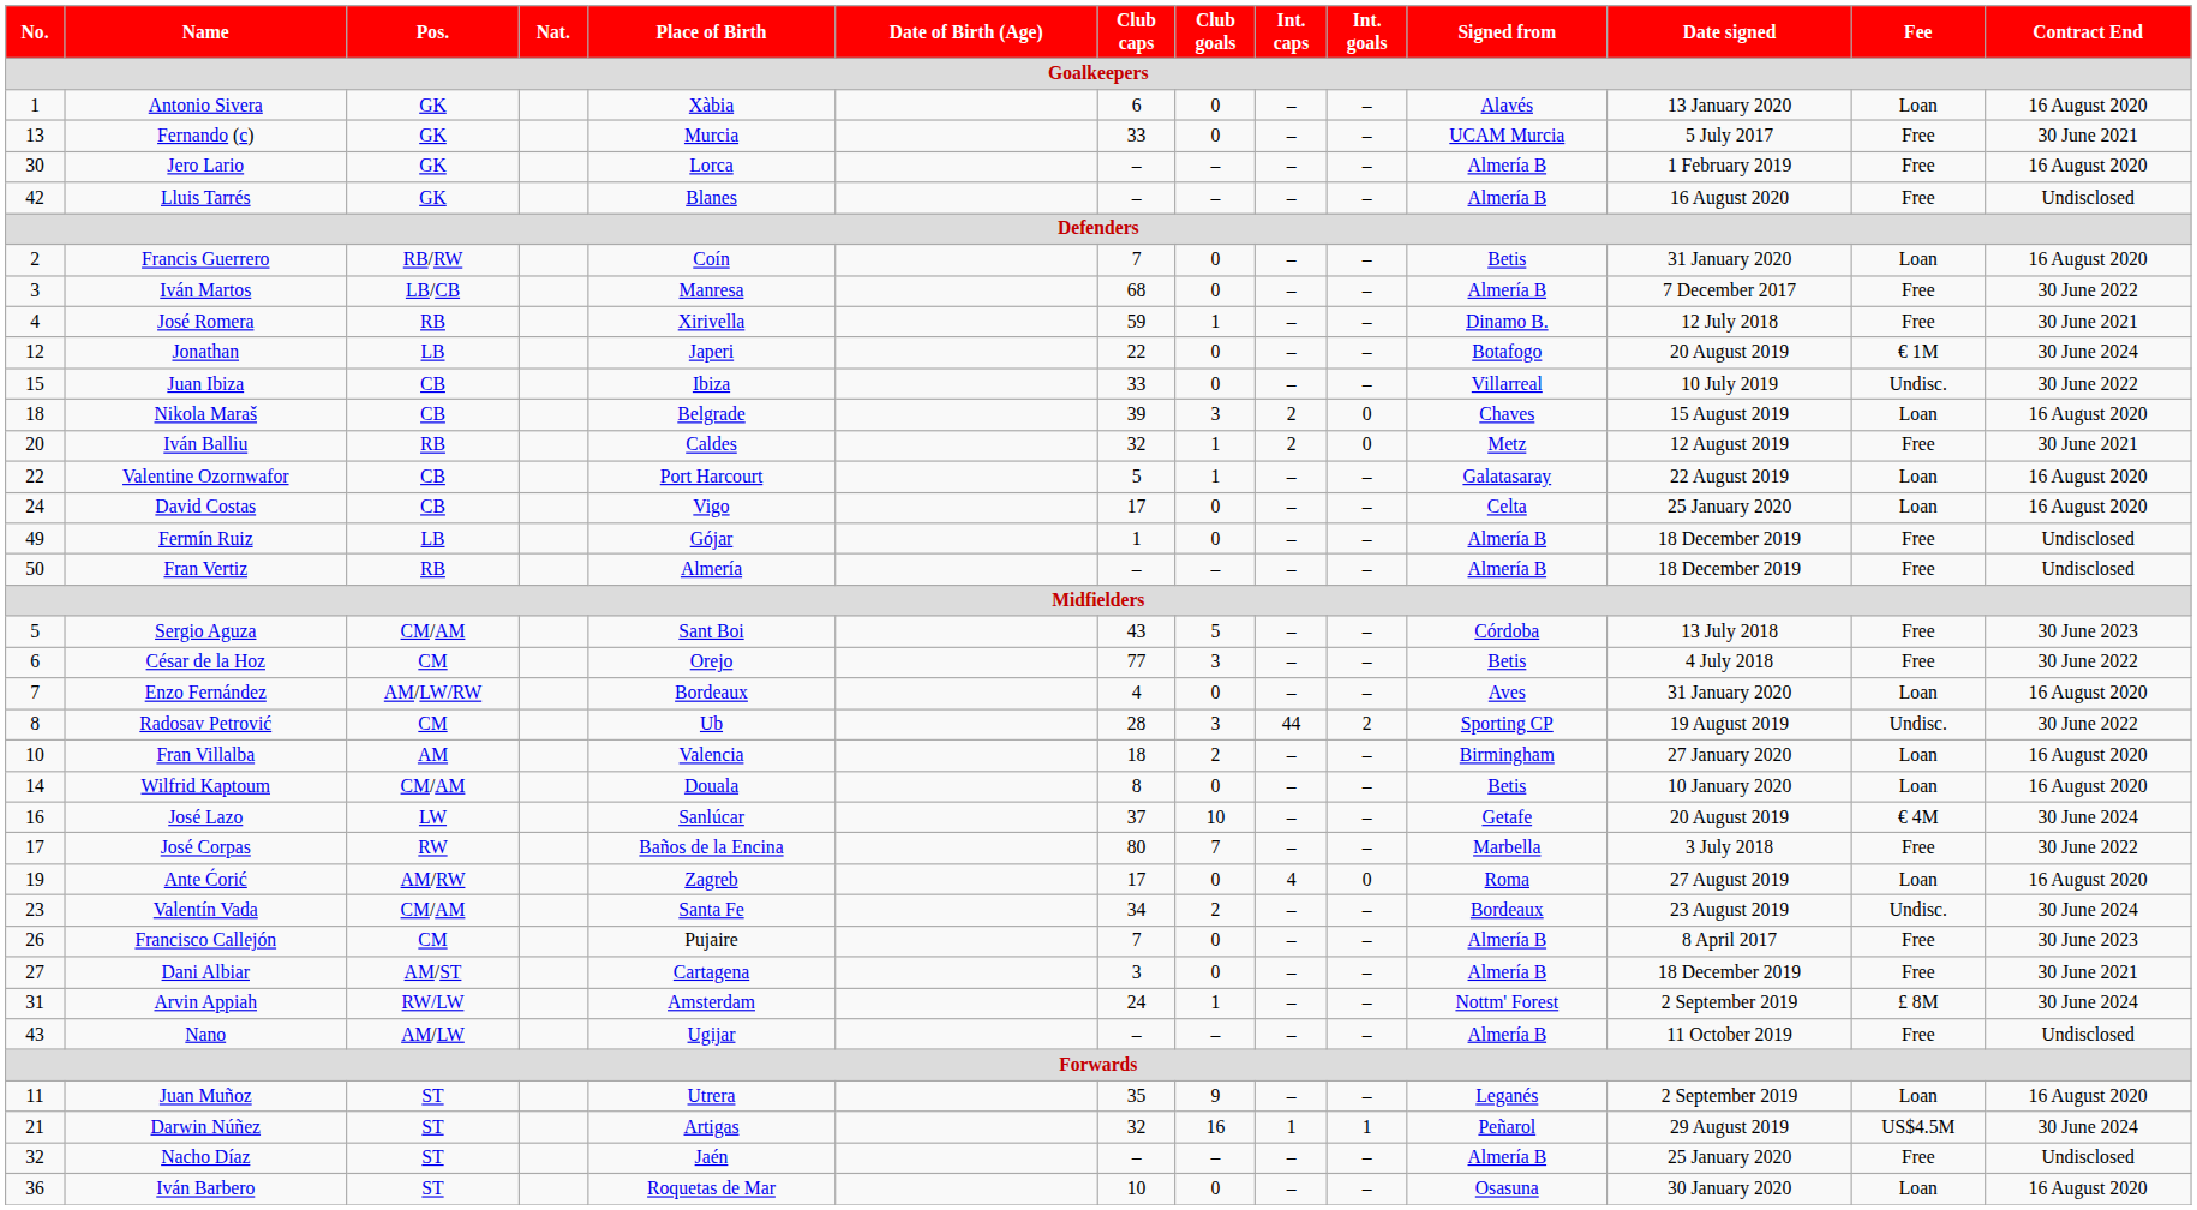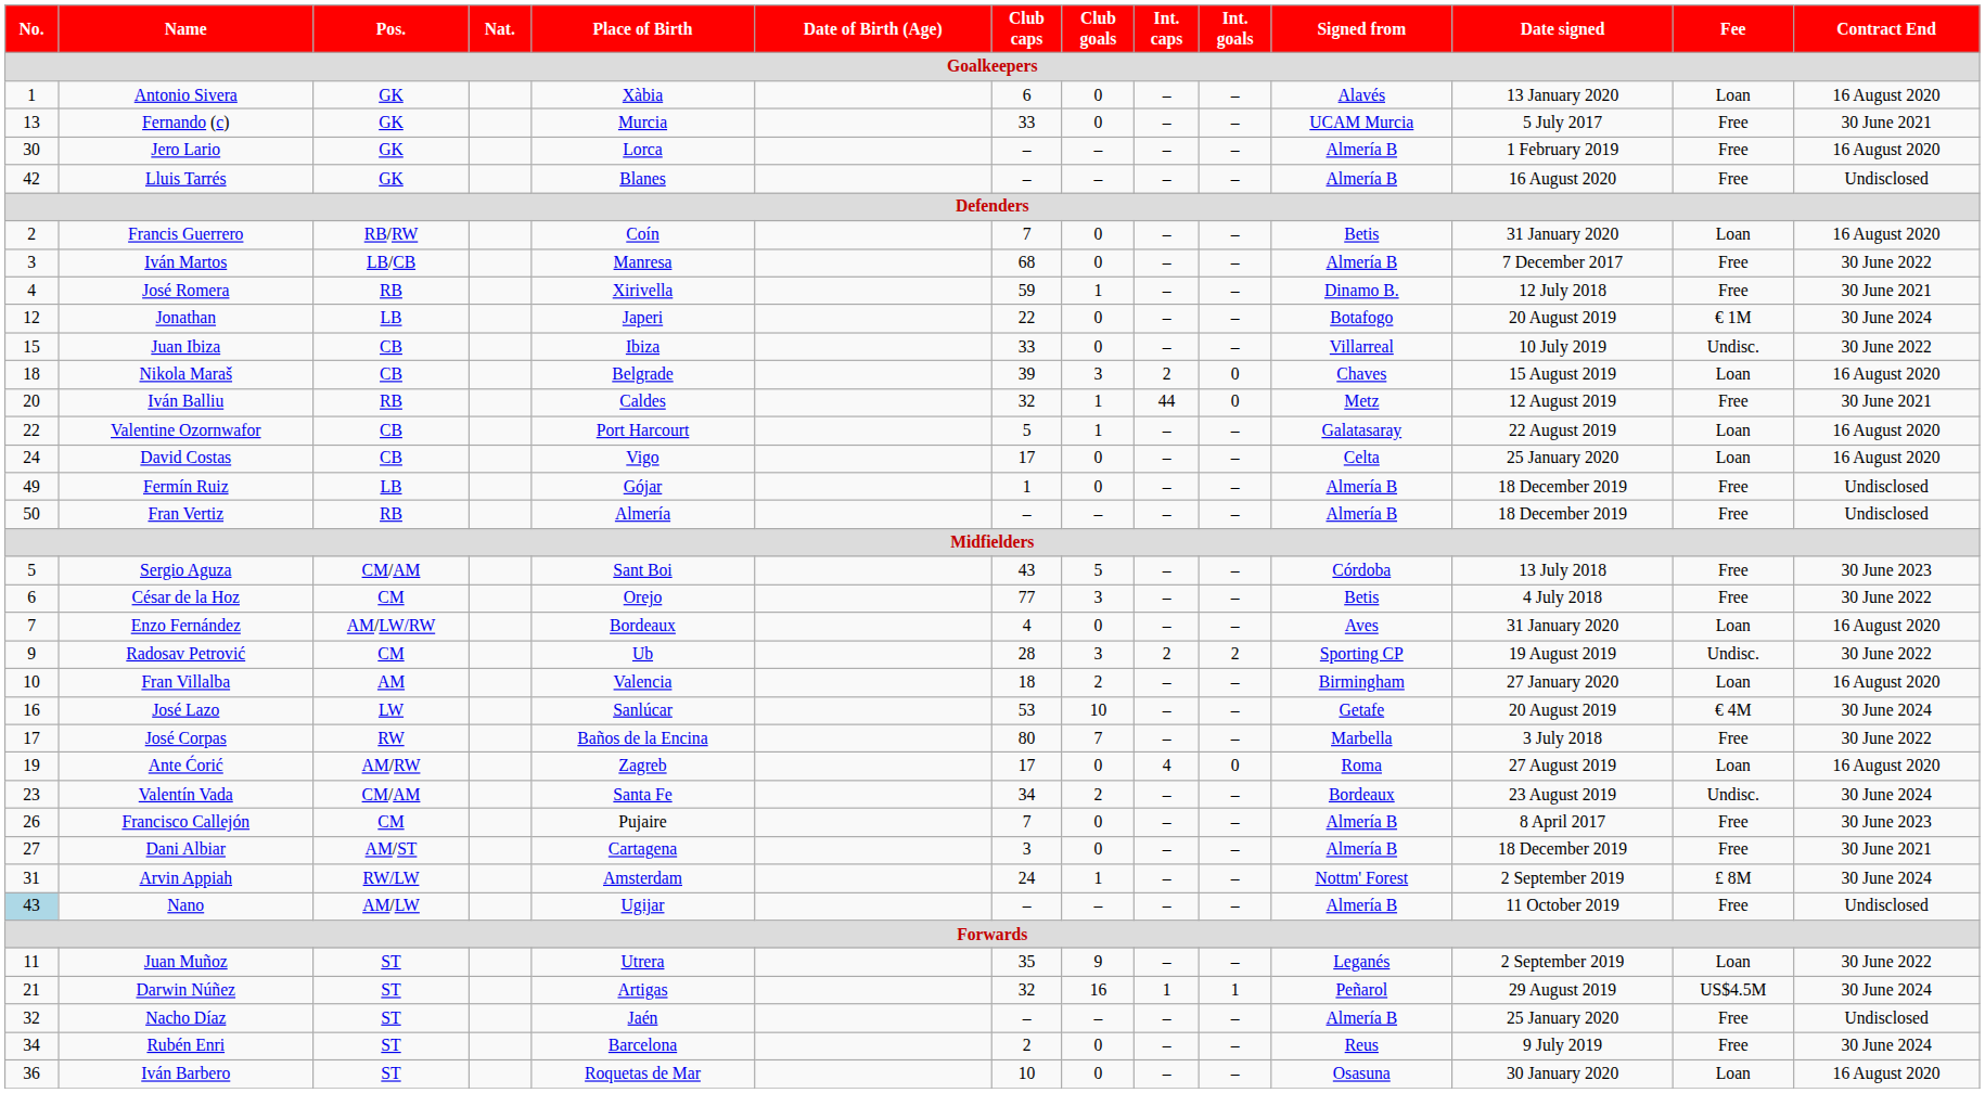 <table class="wikitable" style="text-align:center; font-size:85%; width:100%;">
 <tr>
 <th style="background:#f00; color:#fff; text-align:center;">No.</th>
 <th style="background:#f00; color:#fff; text-align:center;">Name</th>
 <th style="background:#f00; color:#fff; text-align:center;">Pos.</th>
 <th style="background:#f00; color:#fff; text-align:center;">Nat.</th>
 <th style="background:#f00; color:#fff; text-align:center;">Place of Birth</th>
 <th style="background:#f00; color:#fff; text-align:center;">Date of Birth (Age)</th>
 <th style="background:#f00; color:#fff; text-align:center;">Club<br>caps</th>
 <th style="background:#f00; color:#fff; text-align:center;">Club<br>goals</th>
 <th style="background:#f00; color:#fff; text-align:center;">Int.<br>caps</th>
 <th style="background:#f00; color:#fff; text-align:center;">Int.<br>goals</th>
 <th style="background:#f00; color:#fff; text-align:center;">Signed from</th>
 <th style="background:#f00; color:#fff; text-align:center;">Date signed</th>
 <th style="background:#f00; color:#fff; text-align:center;">Fee</th>
 <th style="background:#f00; color:#fff; text-align:center;">Contract End</th>
 </tr>
 <tr>
 <th colspan="14" style="background:#dcdcdc; color:#C40000; text-align:center;">Goalkeepers</th>
 </tr>
 <tr>
 <td>1</td>
 <td><a href='#'>Antonio Sivera</a></td>
 <td><a href='#'>GK</a></td>
 <td> </td>
 <td><a href='#'>Xàbia</a></td>
 <td></td>
 <td>6</td>
 <td>0</td>
 <td>–</td>
 <td>–</td>
 <td><a href='#'>Alavés</a></td>
 <td>13 January 2020</td>
 <td>Loan</td>
 <td>16 August 2020<br></td>
 </tr>
 <tr>
 <td>13</td>
 <td><a href='#'>Fernando</a> (<a href='#'>c</a>)</td>
 <td><a href='#'>GK</a></td>
 <td> </td>
 <td><a href='#'>Murcia</a></td>
 <td></td>
 <td>33</td>
 <td>0</td>
 <td>–</td>
 <td>–</td>
 <td><a href='#'>UCAM Murcia</a></td>
 <td>5 July 2017</td>
 <td>Free</td>
 <td>30 June 2021<br></td>
 </tr>
 <tr>
 <td>30</td>
 <td><a href='#'>Jero Lario</a></td>
 <td><a href='#'>GK</a></td>
 <td> </td>
 <td><a href='#'>Lorca</a></td>
 <td></td>
 <td>–</td>
 <td>–</td>
 <td>–</td>
 <td>–</td>
 <td><a href='#'>Almería B</a></td>
 <td>1 February 2019</td>
 <td>Free</td>
 <td>16 August 2020</td>
 </tr>
 <tr>
 <td>42</td>
 <td><a href='#'>Lluis Tarrés</a></td>
 <td><a href='#'>GK</a></td>
 <td> </td>
 <td><a href='#'>Blanes</a></td>
 <td></td>
 <td>–</td>
 <td>–</td>
 <td>–</td>
 <td>–</td>
 <td><a href='#'>Almería B</a></td>
 <td>16 August 2020</td>
 <td>Free</td>
 <td>Undisclosed</td>
 </tr>
 <tr>
 <th colspan="14" style="background:#dcdcdc; color:#C40000; text-align:center;">Defenders</th>
 </tr>
 <tr>
 <td>2</td>
 <td><a href='#'>Francis Guerrero</a></td>
 <td><a href='#'>RB</a>/<a href='#'>RW</a></td>
 <td> </td>
 <td><a href='#'>Coín</a></td>
 <td></td>
 <td>7</td>
 <td>0</td>
 <td>–</td>
 <td>–</td>
 <td><a href='#'>Betis</a></td>
 <td>31 January 2020</td>
 <td>Loan</td>
 <td>16 August 2020</td>
 </tr>
 <tr>
 <td>3</td>
 <td><a href='#'>Iván Martos</a></td>
 <td><a href='#'>LB</a>/<a href='#'>CB</a></td>
 <td> </td>
 <td><a href='#'>Manresa</a></td>
 <td></td>
 <td>68</td>
 <td>0</td>
 <td>–</td>
 <td>–</td>
 <td><a href='#'>Almería B</a></td>
 <td>7 December 2017</td>
 <td>Free</td>
 <td>30 June 2022</td>
 </tr>
 <tr>
 <td>4</td>
 <td><a href='#'>José Romera</a></td>
 <td><a href='#'>RB</a></td>
 <td> </td>
 <td><a href='#'>Xirivella</a></td>
 <td></td>
 <td>59</td>
 <td>1</td>
 <td>–</td>
 <td>–</td>
 <td><a href='#'>Dinamo B.</a> </td>
 <td>12 July 2018</td>
 <td>Free</td>
 <td>30 June 2021</td>
 </tr>
 <tr>
 <td>12</td>
 <td><a href='#'>Jonathan</a></td>
 <td><a href='#'>LB</a></td>
 <td></td>
 <td><a href='#'>Japeri</a> </td>
 <td></td>
 <td>22</td>
 <td>0</td>
 <td>–</td>
 <td>–</td>
 <td><a href='#'>Botafogo</a> </td>
 <td>20 August 2019</td>
 <td>€ 1M</td>
 <td>30 June 2024</td>
 </tr>
 <tr>
 <td>15</td>
 <td><a href='#'>Juan Ibiza</a></td>
 <td><a href='#'>CB</a></td>
 <td> </td>
 <td><a href='#'>Ibiza</a></td>
 <td></td>
 <td>33</td>
 <td>0</td>
 <td>–</td>
 <td>–</td>
 <td><a href='#'>Villarreal</a></td>
 <td>10 July 2019</td>
 <td>Undisc.</td>
 <td>30 June 2022</td>
 </tr>
 <tr>
 <td>18</td>
 <td><a href='#'>Nikola Maraš</a></td>
 <td><a href='#'>CB</a></td>
 <td></td>
 <td><a href='#'>Belgrade</a> </td>
 <td></td>
 <td>39</td>
 <td>3</td>
 <td>2</td>
 <td>0</td>
 <td><a href='#'>Chaves</a> </td>
 <td>15 August 2019</td>
 <td>Loan</td>
 <td>16 August 2020</td>
 </tr>
 <tr>
 <td>20</td>
 <td><a href='#'>Iván Balliu</a></td>
 <td><a href='#'>RB</a></td>
 <td></td>
 <td><a href='#'>Caldes</a> </td>
 <td></td>
 <td>32</td>
 <td>1</td>
-<td>2</td>
+<td>44</td>
 <td>0</td>
 <td><a href='#'>Metz</a> </td>
 <td>12 August 2019</td>
 <td>Free</td>
 <td>30 June 2021</td>
 </tr>
 <tr>
 <td>22</td>
 <td><a href='#'>Valentine Ozornwafor</a></td>
 <td><a href='#'>CB</a></td>
 <td></td>
 <td><a href='#'>Port Harcourt</a></td>
 <td></td>
 <td>5</td>
 <td>1</td>
 <td>–</td>
 <td>–</td>
 <td><a href='#'>Galatasaray</a> </td>
 <td>22 August 2019</td>
 <td>Loan</td>
 <td>16 August 2020</td>
 </tr>
 <tr>
 <td>24</td>
 <td><a href='#'>David Costas</a></td>
 <td><a href='#'>CB</a></td>
 <td> </td>
 <td><a href='#'>Vigo</a></td>
 <td></td>
 <td>17</td>
 <td>0</td>
 <td>–</td>
 <td>–</td>
 <td><a href='#'>Celta</a></td>
 <td>25 January 2020</td>
 <td>Loan</td>
 <td>16 August 2020</td>
 </tr>
 <tr>
 <td>49</td>
 <td><a href='#'>Fermín Ruiz</a></td>
 <td><a href='#'>LB</a></td>
 <td> </td>
 <td><a href='#'>Gójar</a></td>
 <td></td>
 <td>1</td>
 <td>0</td>
 <td>–</td>
 <td>–</td>
 <td><a href='#'>Almería B</a></td>
 <td>18 December 2019</td>
 <td>Free</td>
 <td>Undisclosed</td>
 </tr>
 <tr>
 <td>50</td>
 <td><a href='#'>Fran Vertiz</a></td>
 <td><a href='#'>RB</a></td>
 <td> </td>
 <td><a href='#'>Almería</a></td>
 <td></td>
 <td>–</td>
 <td>–</td>
 <td>–</td>
 <td>–</td>
 <td><a href='#'>Almería B</a></td>
 <td>18 December 2019</td>
 <td>Free</td>
 <td>Undisclosed</td>
 </tr>
 <tr>
 <th colspan="14" style="background:#dcdcdc; color:#C40000; text-align:center;">Midfielders</th>
 </tr>
 <tr>
 <td>5</td>
 <td><a href='#'>Sergio Aguza</a></td>
 <td><a href='#'>CM</a>/<a href='#'>AM</a></td>
 <td> </td>
 <td><a href='#'>Sant Boi</a></td>
 <td></td>
 <td>43</td>
 <td>5</td>
 <td>–</td>
 <td>–</td>
 <td><a href='#'>Córdoba</a></td>
 <td>13 July 2018</td>
 <td>Free</td>
 <td>30 June 2023</td>
 </tr>
 <tr>
 <td>6</td>
 <td><a href='#'>César de la Hoz</a></td>
 <td><a href='#'>CM</a></td>
 <td> </td>
 <td><a href='#'>Orejo</a></td>
 <td></td>
 <td>77</td>
 <td>3</td>
 <td>–</td>
 <td>–</td>
 <td><a href='#'>Betis</a></td>
 <td>4 July 2018</td>
 <td>Free</td>
 <td>30 June 2022</td>
 </tr>
 <tr>
 <td>7</td>
 <td><a href='#'>Enzo Fernández</a></td>
 <td><a href='#'>AM</a>/<a href='#'>LW/RW</a></td>
 <td></td>
 <td><a href='#'>Bordeaux</a></td>
 <td></td>
 <td>4</td>
 <td>0</td>
 <td>–</td>
 <td>–</td>
 <td><a href='#'>Aves</a></td>
 <td>31 January 2020</td>
 <td>Loan</td>
 <td>16 August 2020</td>
 </tr>
 <tr>
-<td>8</td>
+<td>9</td>
 <td><a href='#'>Radosav Petrović</a></td>
 <td><a href='#'>CM</a></td>
 <td></td>
 <td><a href='#'>Ub</a> </td>
 <td></td>
 <td>28</td>
 <td>3</td>
-<td>44</td>
+<td>2</td>
 <td>2</td>
 <td><a href='#'>Sporting CP</a> </td>
 <td>19 August 2019</td>
 <td>Undisc.</td>
 <td>30 June 2022</td>
 </tr>
 <tr>
 <td>10</td>
 <td><a href='#'>Fran Villalba</a></td>
 <td><a href='#'>AM</a></td>
 <td> </td>
 <td><a href='#'>Valencia</a></td>
 <td></td>
 <td>18</td>
 <td>2</td>
 <td>–</td>
 <td>–</td>
 <td><a href='#'>Birmingham</a> </td>
 <td>27 January 2020</td>
 <td>Loan</td>
 <td>16 August 2020<br> </td>
 </tr>
 <tr>
-<td>14</td>
-<td><a href='#'>Wilfrid Kaptoum</a></td>
-<td><a href='#'>CM</a>/<a href='#'>AM</a></td>
-<td></td>
-<td><a href='#'>Douala</a></td>
-<td></td>
-<td>8</td>
-<td>0</td>
-<td>–</td>
-<td>–</td>
-<td><a href='#'>Betis</a></td>
-<td>10 January 2020</td>
-<td>Loan</td>
-<td>16 August 2020</td>
-</tr>
-<tr>
 <td>16</td>
 <td><a href='#'>José Lazo</a></td>
 <td><a href='#'>LW</a></td>
 <td> </td>
 <td><a href='#'>Sanlúcar</a></td>
 <td></td>
-<td>37</td>
+<td>53</td>
 <td>10</td>
 <td>–</td>
 <td>–</td>
 <td><a href='#'>Getafe</a></td>
 <td>20 August 2019</td>
 <td>€ 4M</td>
 <td>30 June 2024</td>
 </tr>
 <tr>
 <td>17</td>
 <td><a href='#'>José Corpas</a></td>
 <td><a href='#'>RW</a></td>
 <td> </td>
 <td><a href='#'>Baños de la Encina</a></td>
 <td></td>
 <td>80</td>
 <td>7</td>
 <td>–</td>
 <td>–</td>
 <td><a href='#'>Marbella</a></td>
 <td>3 July 2018</td>
 <td>Free</td>
 <td>30 June 2022</td>
 </tr>
 <tr>
 <td>19</td>
 <td><a href='#'>Ante Ćorić</a></td>
 <td><a href='#'>AM</a>/<a href='#'>RW</a></td>
 <td></td>
 <td><a href='#'>Zagreb</a></td>
 <td></td>
 <td>17</td>
 <td>0</td>
 <td>4</td>
 <td>0</td>
 <td><a href='#'>Roma</a> </td>
 <td>27 August 2019</td>
 <td>Loan</td>
 <td>16 August 2020</td>
 </tr>
 <tr>
 <td>23</td>
 <td><a href='#'>Valentín Vada</a></td>
 <td><a href='#'>CM</a>/<a href='#'>AM</a></td>
 <td></td>
 <td><a href='#'>Santa Fe</a></td>
 <td></td>
 <td>34</td>
 <td>2</td>
 <td>–</td>
 <td>–</td>
 <td><a href='#'>Bordeaux</a> </td>
 <td>23 August 2019</td>
 <td>Undisc.</td>
 <td>30 June 2024</td>
 </tr>
 <tr>
 <td>26</td>
 <td><a href='#'>Francisco Callejón</a></td>
 <td><a href='#'>CM</a></td>
 <td> </td>
 <td>Pujaire</td>
 <td></td>
 <td>7</td>
 <td>0</td>
 <td>–</td>
 <td>–</td>
 <td><a href='#'>Almería B</a></td>
 <td>8 April 2017</td>
 <td>Free</td>
 <td>30 June 2023</td>
 </tr>
 <tr>
 <td>27</td>
 <td><a href='#'>Dani Albiar</a></td>
 <td><a href='#'>AM</a>/<a href='#'>ST</a></td>
 <td> </td>
 <td><a href='#'>Cartagena</a></td>
 <td></td>
 <td>3</td>
 <td>0</td>
 <td>–</td>
 <td>–</td>
 <td><a href='#'>Almería B</a></td>
 <td>18 December 2019</td>
 <td>Free</td>
 <td>30 June 2021</td>
 </tr>
 <tr>
 <td>31</td>
 <td><a href='#'>Arvin Appiah</a></td>
 <td><a href='#'>RW/LW</a></td>
 <td></td>
 <td><a href='#'>Amsterdam</a> </td>
 <td></td>
 <td>24</td>
 <td>1</td>
 <td>–</td>
 <td>–</td>
 <td><a href='#'>Nottm' Forest</a> </td>
 <td>2 September 2019</td>
 <td>£ 8M</td>
 <td>30 June 2024</td>
 </tr>
 <tr>
-<td>43</td>
+<td style="background: lightblue;">43</td>
 <td><a href='#'>Nano</a></td>
 <td><a href='#'>AM</a>/<a href='#'>LW</a></td>
 <td> </td>
 <td><a href='#'>Ugijar</a></td>
 <td></td>
 <td>–</td>
 <td>–</td>
 <td>–</td>
 <td>–</td>
 <td><a href='#'>Almería B</a></td>
 <td>11 October 2019</td>
 <td>Free</td>
 <td>Undisclosed</td>
 </tr>
 <tr>
 <th colspan="14" style="background:#dcdcdc; color:#C40000; text-align=center;">Forwards</th>
 </tr>
 <tr>
 <td>11</td>
 <td><a href='#'>Juan Muñoz</a></td>
 <td><a href='#'>ST</a></td>
 <td> </td>
 <td><a href='#'>Utrera</a></td>
 <td></td>
 <td>35</td>
 <td>9</td>
 <td>–</td>
 <td>–</td>
 <td><a href='#'>Leganés</a></td>
 <td>2 September 2019</td>
 <td>Loan</td>
-<td>16 August 2020</td>
+<td>30 June 2022</td>
 </tr>
 <tr>
 <td>21</td>
 <td><a href='#'>Darwin Núñez</a></td>
 <td><a href='#'>ST</a></td>
 <td></td>
 <td><a href='#'>Artigas</a></td>
 <td></td>
 <td>32</td>
 <td>16</td>
 <td>1</td>
 <td>1</td>
 <td><a href='#'>Peñarol</a> </td>
 <td>29 August 2019</td>
 <td>US$4.5M</td>
 <td>30 June 2024</td>
 </tr>
 <tr>
 <td>32</td>
 <td><a href='#'>Nacho Díaz</a></td>
 <td><a href='#'>ST</a></td>
 <td> </td>
 <td><a href='#'>Jaén</a></td>
 <td></td>
 <td>–</td>
 <td>–</td>
 <td>–</td>
 <td>–</td>
 <td><a href='#'>Almería B</a></td>
 <td>25 January 2020</td>
 <td>Free</td>
 <td>Undisclosed</td>
 </tr>
 <tr>
+<td>34</td>
+<td><a href='#'>Rubén Enri</a></td>
+<td><a href='#'>ST</a></td>
+<td> </td>
+<td><a href='#'>Barcelona</a></td>
+<td></td>
+<td>2</td>
+<td>0</td>
+<td>–</td>
+<td>–</td>
+<td><a href='#'>Reus</a></td>
+<td>9 July 2019</td>
+<td>Free</td>
+<td>30 June 2024</td>
+</tr>
+<tr>
 <td>36</td>
 <td><a href='#'>Iván Barbero</a></td>
 <td><a href='#'>ST</a></td>
 <td> </td>
 <td><a href='#'>Roquetas de Mar</a></td>
 <td></td>
 <td>10</td>
 <td>0</td>
 <td>–</td>
 <td>–</td>
 <td><a href='#'>Osasuna</a></td>
 <td>30 January 2020</td>
 <td>Loan</td>
 <td>16 August 2020</td>
 </tr>
 </table>
